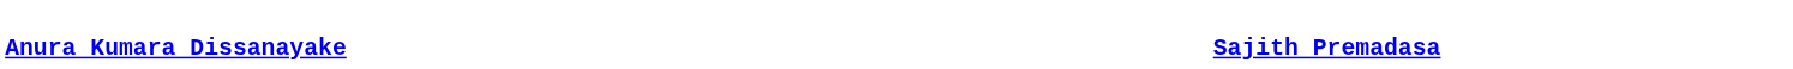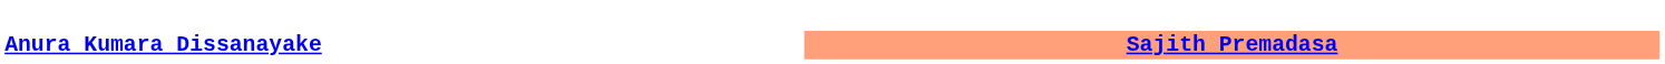 <table style="width:100%; text-align:center">
 <tr style="color:white">
 <td style="background:"><strong>8,020</strong></td>
 <td style="background:"><strong>9,188</strong></td>
 </tr>
 <tr>
 <td style="color:"><strong><a href='#'>Anura Kumara Dissanayake</a></strong></td>
-<td style="color:"><strong><a href='#'>Sajith Premadasa</a></strong></td>
+<td style="background: lightsalmon; color:"><strong><a href='#'>Sajith Premadasa</a></strong></td>
 </tr>
 </table>
